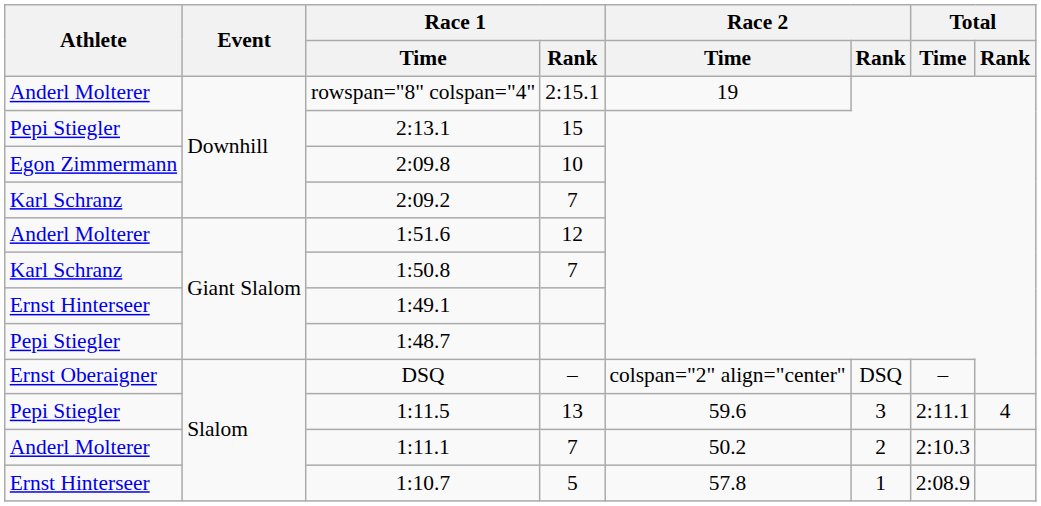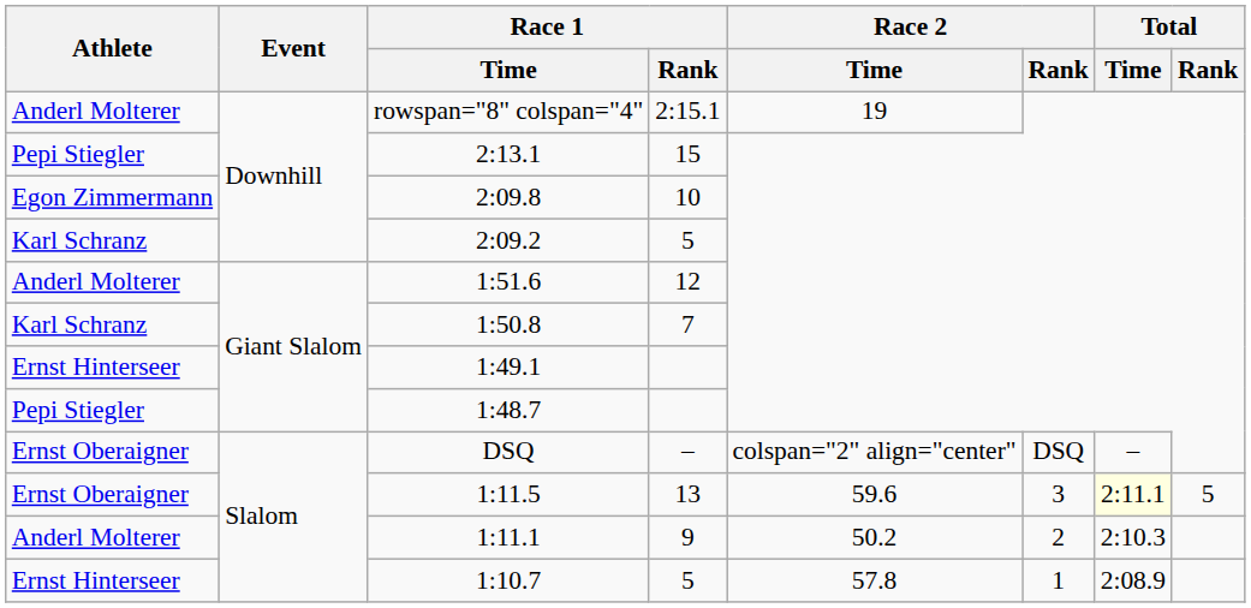 <table class="wikitable" style="font-size:90%">
 <tr>
 <th rowspan="2">Athlete</th>
 <th rowspan="2">Event</th>
 <th colspan="2">Race 1</th>
 <th colspan="2">Race 2</th>
 <th colspan="2">Total</th>
 </tr>
 <tr>
 <th>Time</th>
 <th>Rank</th>
 <th>Time</th>
 <th>Rank</th>
 <th>Time</th>
 <th>Rank</th>
 </tr>
 <tr>
 <td><a href='#'>Anderl Molterer</a></td>
 <td rowspan="4">Downhill</td>
 <td>rowspan="8" colspan="4" </td>
 <td align="center">2:15.1</td>
 <td align="center">19</td>
 </tr>
 <tr>
 <td><a href='#'>Pepi Stiegler</a></td>
 <td align="center">2:13.1</td>
 <td align="center">15</td>
 </tr>
 <tr>
 <td><a href='#'>Egon Zimmermann</a></td>
 <td align="center">2:09.8</td>
 <td align="center">10</td>
 </tr>
 <tr>
 <td><a href='#'>Karl Schranz</a></td>
 <td align="center">2:09.2</td>
-<td align="center">7</td>
+<td align="center">5</td>
 </tr>
 <tr>
 <td><a href='#'>Anderl Molterer</a></td>
 <td rowspan="4">Giant Slalom</td>
 <td align="center">1:51.6</td>
 <td align="center">12</td>
 </tr>
 <tr>
 <td><a href='#'>Karl Schranz</a></td>
 <td align="center">1:50.8</td>
 <td align="center">7</td>
 </tr>
 <tr>
 <td><a href='#'>Ernst Hinterseer</a></td>
 <td align="center">1:49.1</td>
 <td align="center"></td>
 </tr>
 <tr>
 <td><a href='#'>Pepi Stiegler</a></td>
 <td align="center">1:48.7</td>
 <td align="center"></td>
 </tr>
 <tr>
 <td><a href='#'>Ernst Oberaigner</a></td>
 <td rowspan="4">Slalom</td>
 <td align="center">DSQ</td>
 <td align="center">–</td>
 <td>colspan="2" align="center" </td>
 <td align="center">DSQ</td>
 <td align="center">–</td>
 </tr>
 <tr>
-<td><a href='#'>Pepi Stiegler</a></td>
+<td><a href='#'>Ernst Oberaigner</a></td>
 <td align="center">1:11.5</td>
 <td align="center">13</td>
 <td align="center">59.6</td>
 <td align="center">3</td>
-<td align="center">2:11.1</td>
-<td align="center">4</td>
+<td align="center" style="background: lightyellow;">2:11.1</td>
+<td align="center">5</td>
 </tr>
 <tr>
 <td><a href='#'>Anderl Molterer</a></td>
 <td align="center">1:11.1</td>
-<td align="center">7</td>
+<td align="center">9</td>
 <td align="center">50.2</td>
 <td align="center">2</td>
 <td align="center">2:10.3</td>
 <td align="center"></td>
 </tr>
 <tr>
 <td><a href='#'>Ernst Hinterseer</a></td>
 <td align="center">1:10.7</td>
 <td align="center">5</td>
 <td align="center">57.8</td>
 <td align="center">1</td>
 <td align="center">2:08.9</td>
 <td align="center"></td>
 </tr>
 </table>
